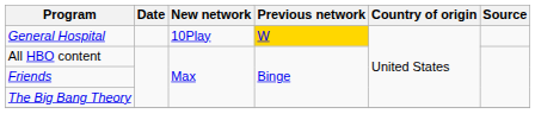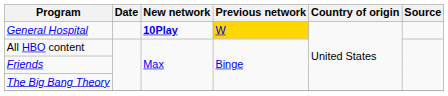 <table class="wikitable plainrowheaders sortable" style="text-align:left">
 <tr>
 <th scope="col">Program</th>
 <th scope="col">Date</th>
 <th scope="col">New network</th>
 <th scope="col">Previous network</th>
 <th scope="col">Country of origin</th>
 <th scope="col" class="unsortable">Source</th>
 </tr>
 <tr>
 <td><em><a href='#'>General Hospital</a></em></td>
 <td></td>
-<td><a href='#'>10Play</a></td>
+<td><strong><a href='#'>10Play</a></strong></td>
 <td style="background: gold;"><a href='#'>W</a></td>
 <td rowspan=4>United States</td>
 <td></td>
 </tr>
 <tr>
 <td>All <a href='#'>HBO</a> content</td>
 <td rowspan=3></td>
 <td rowspan=3><a href='#'>Max</a></td>
 <td rowspan=3><a href='#'>Binge</a></td>
 <td rowspan=3></td>
 </tr>
 <tr>
 <td><em><a href='#'>Friends</a></em></td>
 </tr>
 <tr>
 <td><em><a href='#'>The Big Bang Theory</a></em></td>
 </tr>
 <tr>
 </tr>
 </table>
